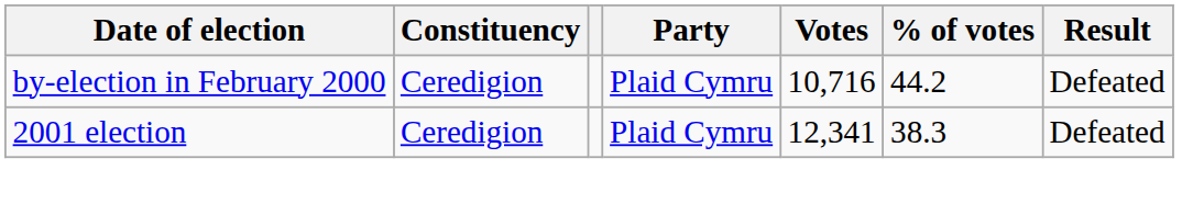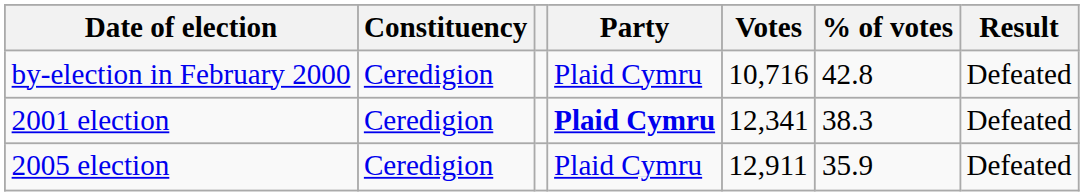 <table class="wikitable">
 <tr>
 <th>Date of election</th>
 <th>Constituency</th>
 <th></th>
 <th>Party</th>
 <th>Votes</th>
 <th>% of votes</th>
 <th>Result</th>
 </tr>
 <tr>
 <td><a href='#'>by-election in February 2000</a></td>
 <td><a href='#'>Ceredigion</a></td>
 <td style="background:"></td>
 <td><a href='#'>Plaid Cymru</a></td>
 <td>10,716</td>
-<td>44.2</td>
+<td>42.8</td>
 <td>Defeated</td>
 </tr>
 <tr>
 <td><a href='#'>2001 election</a></td>
 <td><a href='#'>Ceredigion</a></td>
 <td style="background:"></td>
-<td><a href='#'>Plaid Cymru</a></td>
+<td><strong><a href='#'>Plaid Cymru</a></strong></td>
 <td>12,341</td>
 <td>38.3</td>
 <td>Defeated</td>
 </tr>
+<tr>
+<td><a href='#'>2005 election</a></td>
+<td><a href='#'>Ceredigion</a></td>
+<td style="background:"></td>
+<td><a href='#'>Plaid Cymru</a></td>
+<td>12,911</td>
+<td>35.9</td>
+<td>Defeated</td>
+</tr>
 </table>
